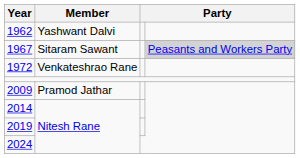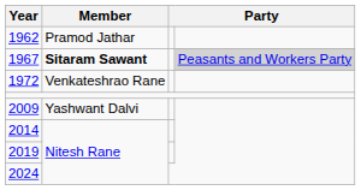 <table class = "wikitable">
 <tr>
 <th>Year</th>
 <th>Member</th>
 <th colspan="2">Party</th>
 </tr>
 <tr>
 <td><a href='#'>1962</a></td>
-<td>Yashwant Dalvi</td>
+<td>Pramod Jathar</td>
 <td></td>
 </tr>
 <tr>
 <td><a href='#'>1967</a></td>
-<td>Sitaram Sawant</td>
+<td><strong>Sitaram Sawant</strong></td>
 <td style="background-color: "></td>
 <td style="background: lightgrey;"><a href='#'>Peasants and Workers Party</a></td>
 </tr>
 <tr>
 <td><a href='#'>1972</a></td>
 <td>Venkateshrao Rane</td>
 <td></td>
 </tr>
 <tr>
 <td colspan="4"></td>
 </tr>
 <tr>
 <td><a href='#'>2009</a></td>
-<td>Pramod Jathar</td>
+<td>Yashwant Dalvi</td>
 <td></td>
 </tr>
 <tr>
 <td><a href='#'>2014</a></td>
 <td rowspan="3"><a href='#'>Nitesh Rane</a></td>
 <td></td>
 </tr>
 <tr>
 <td><a href='#'>2019</a></td>
 <td></td>
 </tr>
 <tr>
 <td><a href='#'>2024</a></td>
 </tr>
 </table>
